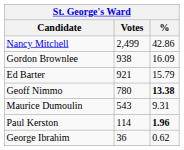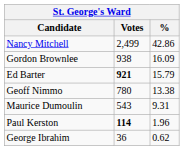 <table class="wikitable">
 <tr>
 <th colspan="3"><a href='#'>St. George's Ward</a></th>
 </tr>
 <tr>
 <th style="width: 170px">Candidate</th>
 <th style="width: 50px">Votes</th>
 <th style="width: 40px">%</th>
 </tr>
 <tr>
 <td><a href='#'>Nancy Mitchell</a></td>
 <td>2,499</td>
 <td>42.86</td>
 </tr>
 <tr>
 <td>Gordon Brownlee</td>
 <td>938</td>
 <td>16.09</td>
 </tr>
 <tr>
 <td>Ed Barter</td>
-<td>921</td>
+<td><strong>921</strong></td>
 <td>15.79</td>
 </tr>
 <tr>
 <td>Geoff Nimmo</td>
 <td>780</td>
-<td><strong>13.38</strong></td>
+<td>13.38</td>
 </tr>
 <tr>
 <td>Maurice Dumoulin</td>
 <td>543</td>
 <td>9.31</td>
 </tr>
 <tr>
 <td>Paul Kerston</td>
-<td>114</td>
-<td><strong>1.96</strong></td>
+<td><strong>114</strong></td>
+<td>1.96</td>
 </tr>
 <tr>
 <td>George Ibrahim</td>
 <td>36</td>
 <td>0.62</td>
 </tr>
 </table>
